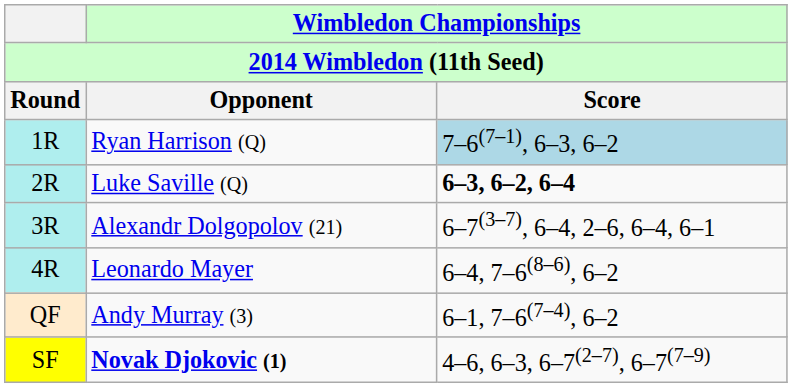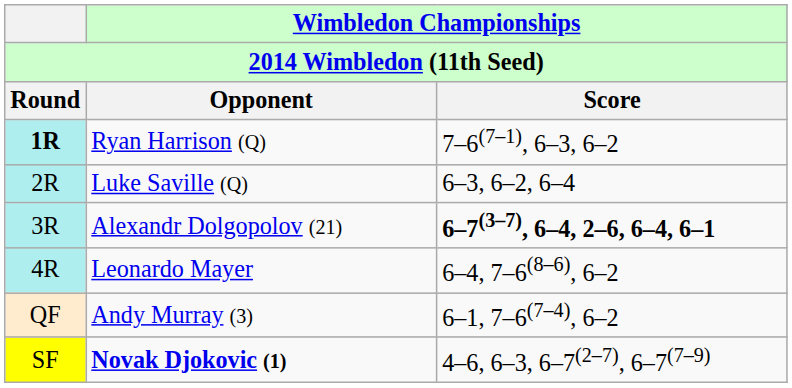 <table class="wikitable collapsible collapsed">
 <tr>
 <th></th>
 <th colspan=2 style="background:#cfc;"><a href='#'>Wimbledon Championships</a></th>
 </tr>
 <tr>
 <th colspan=3 style="background:#cfc;"><a href='#'>2014 Wimbledon</a> (11th Seed)</th>
 </tr>
 <tr>
 <th>Round</th>
 <th width=225>Opponent</th>
 <th width=225>Score</th>
 </tr>
 <tr>
-<td style="text-align:center;background:#afeeee;">1R</td>
+<td style="text-align:center;background:#afeeee;"><strong>1R</strong></td>
 <td> <a href='#'>Ryan Harrison</a> <small>(Q)</small></td>
-<td style="background: lightblue;">7–6<sup>(7–1)</sup>, 6–3, 6–2</td>
+<td>7–6<sup>(7–1)</sup>, 6–3, 6–2</td>
 </tr>
 <tr>
 <td style="text-align:center;background:#afeeee;">2R</td>
 <td> <a href='#'>Luke Saville</a> <small>(Q)</small></td>
-<td><strong>6–3, 6–2, 6–4</strong></td>
+<td>6–3, 6–2, 6–4</td>
 </tr>
 <tr>
 <td style="text-align:center;background:#afeeee;">3R</td>
 <td> <a href='#'>Alexandr Dolgopolov</a> <small>(21)</small></td>
-<td>6–7<sup>(3–7)</sup>, 6–4, 2–6, 6–4, 6–1</td>
+<td><strong>6–7<sup>(3–7)</sup>, 6–4, 2–6, 6–4, 6–1</strong></td>
 </tr>
 <tr>
 <td style="text-align:center;background:#afeeee;">4R</td>
 <td> <a href='#'>Leonardo Mayer</a></td>
 <td>6–4, 7–6<sup>(8–6)</sup>, 6–2</td>
 </tr>
 <tr>
 <td style="text-align:center;background:#ffebcd;">QF</td>
 <td> <a href='#'>Andy Murray</a> <small>(3)</small></td>
 <td>6–1, 7–6<sup>(7–4)</sup>, 6–2</td>
 </tr>
 <tr>
 <td style="text-align:center;background:yellow;">SF</td>
 <td><strong> <a href='#'>Novak Djokovic</a> <small>(1)</small></strong></td>
 <td>4–6, 6–3, 6–7<sup>(2–7)</sup>, 6–7<sup>(7–9)</sup></td>
 </tr>
 </table>
